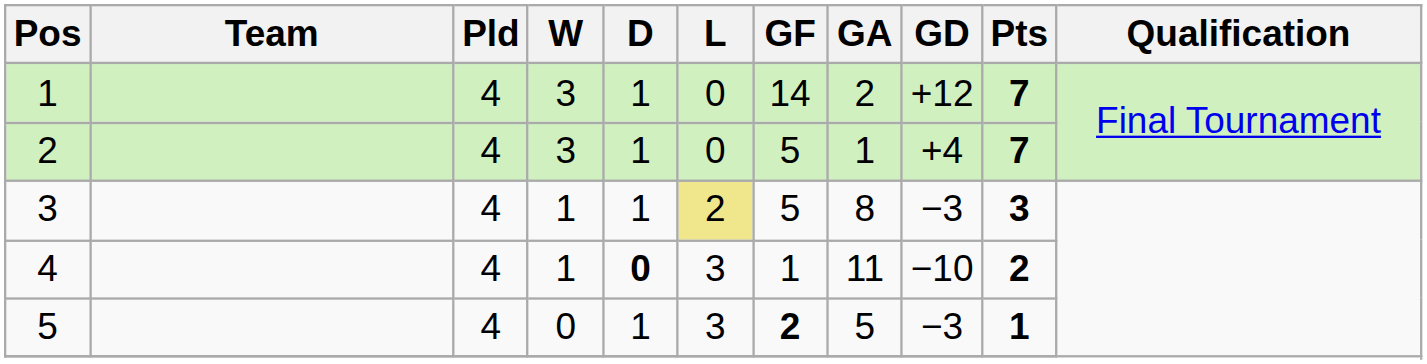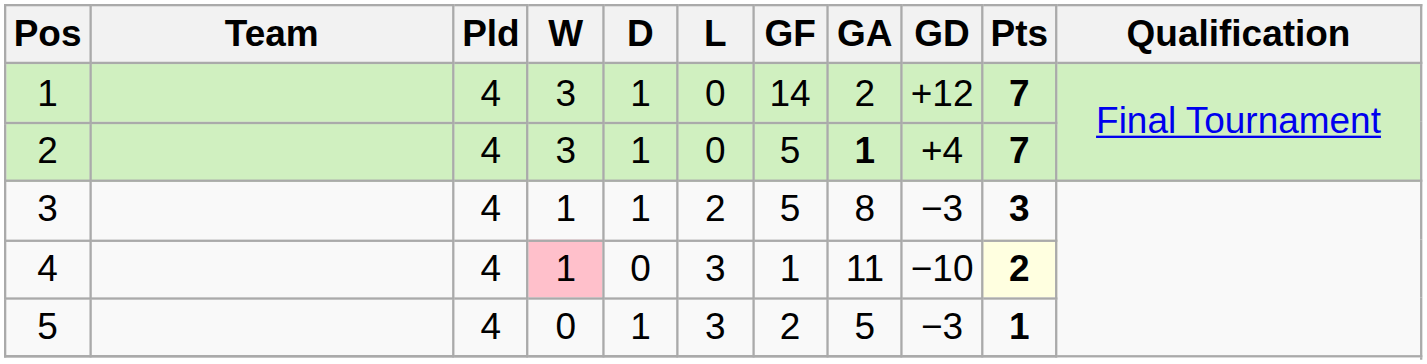 <table class="wikitable" border="1" style="text-align: center;">
 <tr>
 <th width="25"><abbr>Pos</abbr></th>
 <th width="150">Team</th>
 <th width="25"><abbr>Pld</abbr></th>
 <th width="25"><abbr>W</abbr></th>
 <th width="25"><abbr>D</abbr></th>
 <th width="25"><abbr>L</abbr></th>
 <th width="25"><abbr>GF</abbr></th>
 <th width="25"><abbr>GA</abbr></th>
 <th width="25"><abbr>GD</abbr></th>
 <th width="25"><abbr>Pts</abbr></th>
 <th width="150">Qualification</th>
 </tr>
 <tr bgcolor= #D0F0C0>
 <td>1</td>
 <td align="left"></td>
 <td>4</td>
 <td>3</td>
 <td>1</td>
 <td>0</td>
 <td>14</td>
 <td>2</td>
 <td>+12</td>
 <td><strong>7</strong></td>
 <td rowspan=2><a href='#'>Final Tournament</a></td>
 </tr>
 <tr bgcolor= #D0F0C0>
 <td>2</td>
 <td align="left"></td>
 <td>4</td>
 <td>3</td>
 <td>1</td>
 <td>0</td>
 <td>5</td>
-<td>1</td>
+<td><strong>1</strong></td>
 <td>+4</td>
 <td><strong>7</strong></td>
 </tr>
 <tr>
 <td>3</td>
 <td align="left"></td>
 <td>4</td>
 <td>1</td>
 <td>1</td>
-<td style="background: khaki;">2</td>
+<td>2</td>
 <td>5</td>
 <td>8</td>
 <td>−3</td>
 <td><strong>3</strong></td>
 </tr>
 <tr>
 <td>4</td>
 <td align="left"></td>
 <td>4</td>
-<td>1</td>
-<td><strong>0</strong></td>
+<td style="background: pink;">1</td>
+<td>0</td>
 <td>3</td>
 <td>1</td>
 <td>11</td>
 <td>−10</td>
-<td><strong>2</strong></td>
+<td style="background: lightyellow;"><strong>2</strong></td>
 </tr>
 <tr>
 <td>5</td>
 <td align="left"></td>
 <td>4</td>
 <td>0</td>
 <td>1</td>
 <td>3</td>
-<td><strong>2</strong></td>
+<td>2</td>
 <td>5</td>
 <td>−3</td>
 <td><strong>1</strong></td>
 </tr>
 <tr>
 </tr>
 </table>
